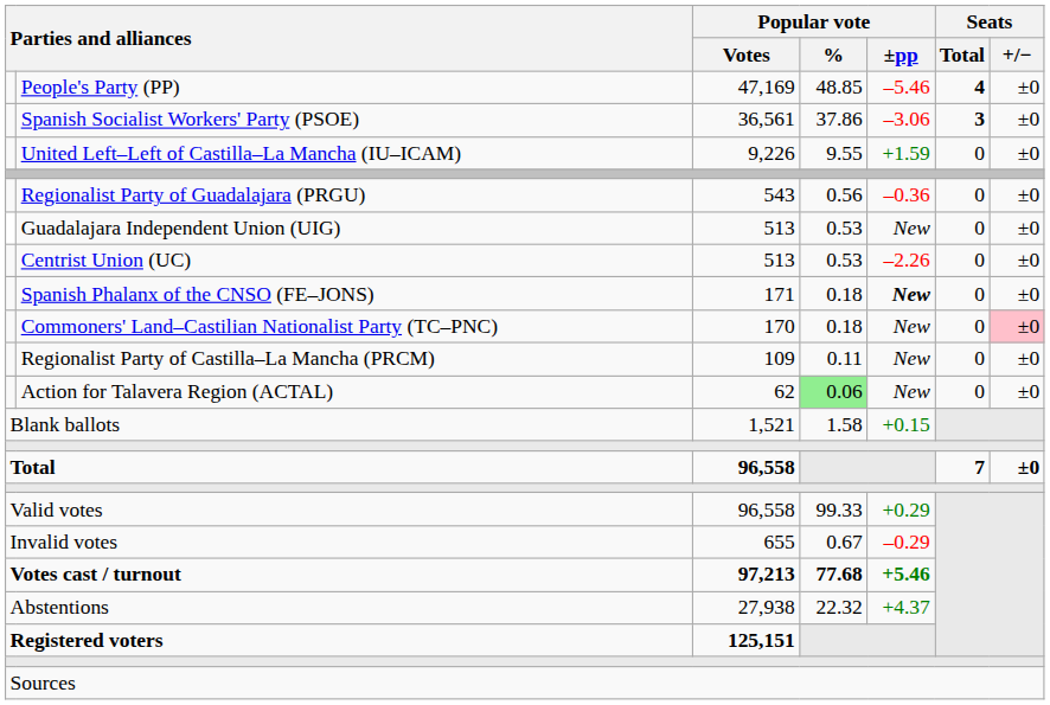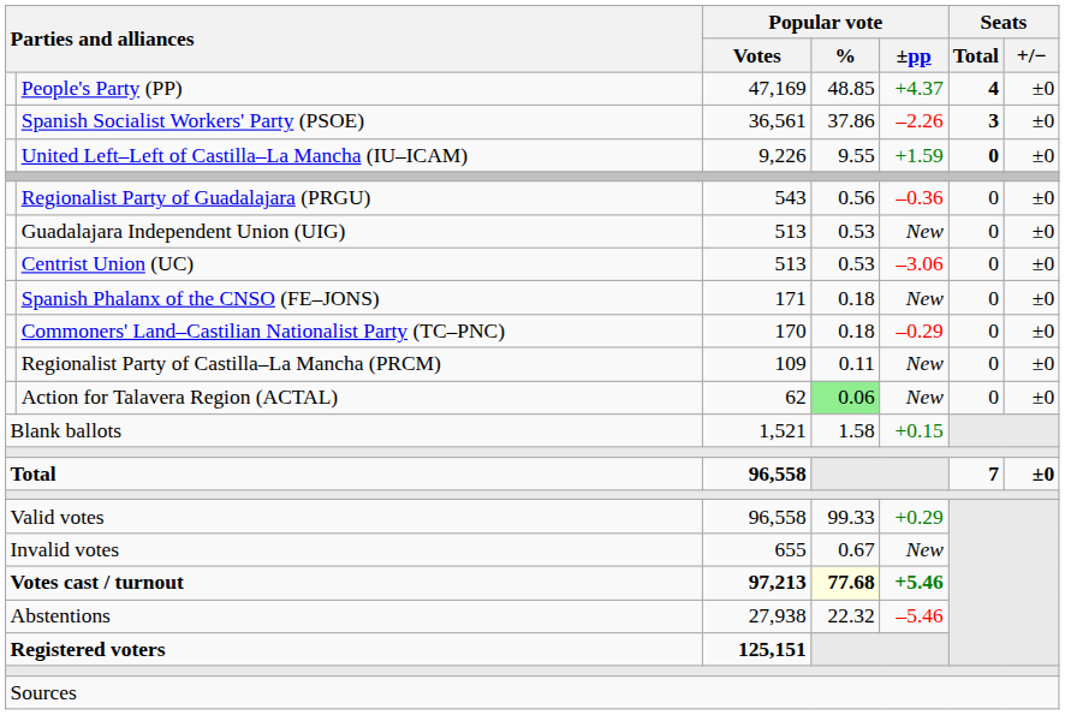 <table class="wikitable" style="text-align:right;">
 <tr>
 <th style="text-align:left;" rowspan="2" colspan="2" width="525">Parties and alliances</th>
 <th colspan="3">Popular vote</th>
 <th colspan="2">Seats</th>
 </tr>
 <tr>
 <th width="75">Votes</th>
 <th width="45">%</th>
 <th width="45">±<a href='#'>pp</a></th>
 <th width="35">Total</th>
 <th width="35">+/−</th>
 </tr>
 <tr>
 <td width="1" style="color:inherit;background:"></td>
 <td align="left"><a href='#'>People's Party</a> (PP)</td>
 <td>47,169</td>
 <td>48.85</td>
-<td style="color:red;">–5.46</td>
+<td style="color:green;">+4.37</td>
 <td><strong>4</strong></td>
 <td>±0</td>
 </tr>
 <tr>
 <td style="color:inherit;background:"></td>
 <td align="left"><a href='#'>Spanish Socialist Workers' Party</a> (PSOE)</td>
 <td>36,561</td>
 <td>37.86</td>
-<td style="color:red;">–3.06</td>
+<td style="color:red;">–2.26</td>
 <td><strong>3</strong></td>
 <td>±0</td>
 </tr>
 <tr>
 <td style="color:inherit;background:"></td>
 <td align="left"><a href='#'>United Left–Left of Castilla–La Mancha</a> (IU–ICAM)</td>
 <td>9,226</td>
 <td>9.55</td>
 <td style="color:green;">+1.59</td>
-<td>0</td>
+<td><strong>0</strong></td>
 <td>±0</td>
 </tr>
 <tr>
 <td colspan="7" bgcolor="#C0C0C0"></td>
 </tr>
 <tr>
 <td style="color:inherit;background:"></td>
 <td align="left"><a href='#'>Regionalist Party of Guadalajara</a> (PRGU)</td>
 <td>543</td>
 <td>0.56</td>
 <td style="color:red;">–0.36</td>
 <td>0</td>
 <td>±0</td>
 </tr>
 <tr>
 <td bgcolor="white"></td>
 <td align="left">Guadalajara Independent Union (UIG)</td>
 <td>513</td>
 <td>0.53</td>
 <td><em>New</em></td>
 <td>0</td>
 <td>±0</td>
 </tr>
 <tr>
 <td style="color:inherit;background:"></td>
 <td align="left"><a href='#'>Centrist Union</a> (UC)</td>
 <td>513</td>
 <td>0.53</td>
-<td style="color:red;">–2.26</td>
+<td style="color:red;">–3.06</td>
 <td>0</td>
 <td>±0</td>
 </tr>
 <tr>
 <td style="color:inherit;background:"></td>
 <td align="left"><a href='#'>Spanish Phalanx of the CNSO</a> (FE–JONS)</td>
 <td>171</td>
 <td>0.18</td>
-<td><strong><em>New</em></strong></td>
+<td><em>New</em></td>
 <td>0</td>
 <td>±0</td>
 </tr>
 <tr>
 <td style="color:inherit;background:"></td>
 <td align="left"><a href='#'>Commoners' Land–Castilian Nationalist Party</a> (TC–PNC)</td>
 <td>170</td>
 <td>0.18</td>
-<td><em>New</em></td>
+<td style="color:red;">–0.29</td>
 <td>0</td>
-<td style="background: pink;">±0</td>
+<td>±0</td>
 </tr>
 <tr>
 <td style="color:inherit;background:"></td>
 <td align="left">Regionalist Party of Castilla–La Mancha (PRCM)</td>
 <td>109</td>
 <td>0.11</td>
 <td><em>New</em></td>
 <td>0</td>
 <td>±0</td>
 </tr>
 <tr>
 <td style="color:inherit;background:"></td>
 <td align="left">Action for Talavera Region (ACTAL)</td>
 <td>62</td>
 <td style="background: lightgreen;">0.06</td>
 <td><em>New</em></td>
 <td>0</td>
 <td>±0</td>
 </tr>
 <tr>
 <td align="left" colspan="2">Blank ballots</td>
 <td>1,521</td>
 <td>1.58</td>
 <td style="color:green;">+0.15</td>
 <td bgcolor="#E9E9E9" colspan="2"></td>
 </tr>
 <tr>
 <td colspan="7" bgcolor="#E9E9E9"></td>
 </tr>
 <tr style="font-weight:bold;">
 <td align="left" colspan="2">Total</td>
 <td>96,558</td>
 <td bgcolor="#E9E9E9" colspan="2"></td>
 <td>7</td>
 <td>±0</td>
 </tr>
 <tr>
 <td colspan="7" bgcolor="#E9E9E9"></td>
 </tr>
 <tr>
 <td align="left" colspan="2">Valid votes</td>
 <td>96,558</td>
 <td>99.33</td>
 <td style="color:green;">+0.29</td>
 <td bgcolor="#E9E9E9" colspan="2" rowspan="5"></td>
 </tr>
 <tr>
 <td align="left" colspan="2">Invalid votes</td>
 <td>655</td>
 <td>0.67</td>
-<td style="color:red;">–0.29</td>
+<td><em>New</em></td>
 </tr>
 <tr style="font-weight:bold;">
 <td align="left" colspan="2">Votes cast / turnout</td>
 <td>97,213</td>
-<td>77.68</td>
+<td style="background: lightyellow;">77.68</td>
 <td style="color:green;">+5.46</td>
 </tr>
 <tr>
 <td align="left" colspan="2">Abstentions</td>
 <td>27,938</td>
 <td>22.32</td>
-<td style="color:green;">+4.37</td>
+<td style="color:red;">–5.46</td>
 </tr>
 <tr style="font-weight:bold;">
 <td align="left" colspan="2">Registered voters</td>
 <td>125,151</td>
 <td bgcolor="#E9E9E9" colspan="2"></td>
 </tr>
 <tr>
 <td colspan="7" bgcolor="#E9E9E9"></td>
 </tr>
 <tr>
 <td align="left" colspan="7">Sources</td>
 </tr>
 </table>
